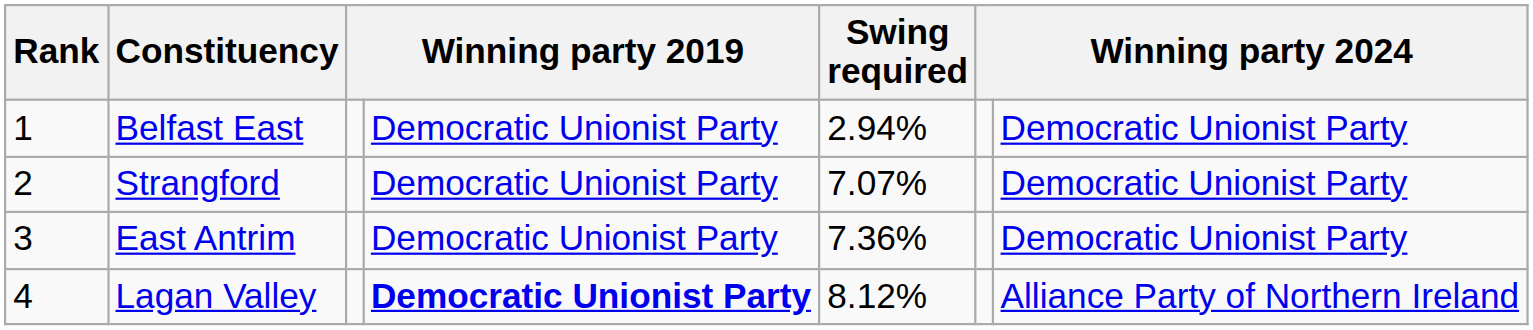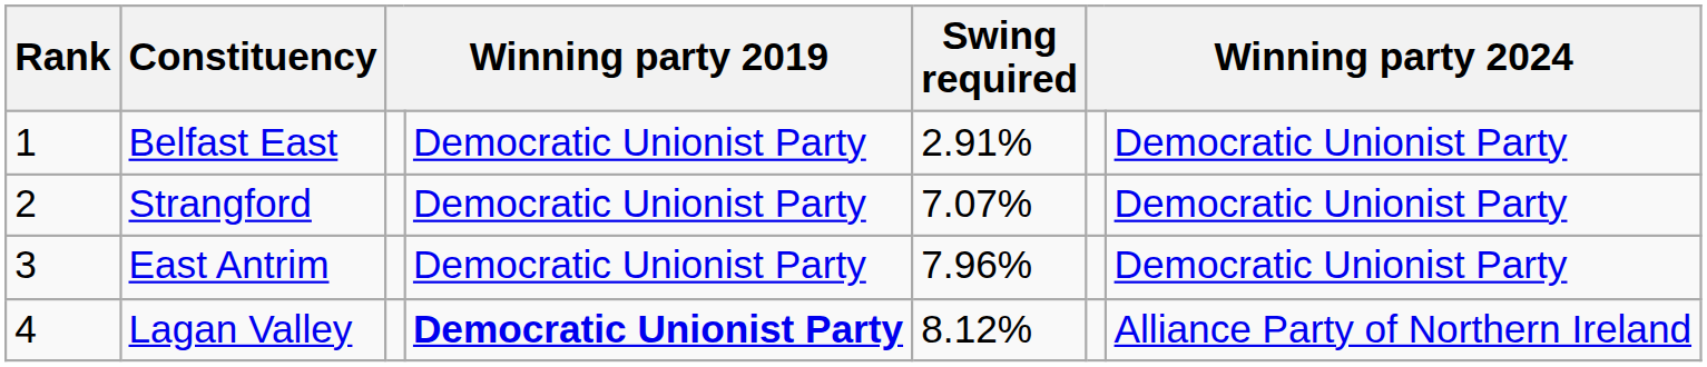 <table class="wikitable sortable">
 <tr>
 <th>Rank</th>
 <th>Constituency</th>
 <th colspan=2>Winning party 2019</th>
 <th>Swing <br>required</th>
 <th colspan=2>Winning party 2024</th>
 </tr>
 <tr>
 <td>1</td>
 <td><a href='#'>Belfast East</a></td>
 <td class="unsortable" style="background-color: "></td>
 <td><a href='#'>Democratic Unionist Party</a></td>
-<td>2.94%</td>
+<td>2.91%</td>
 <td class="unsortable" style="background-color: "></td>
 <td><a href='#'>Democratic Unionist Party</a></td>
 </tr>
 <tr>
 <td>2</td>
 <td><a href='#'>Strangford</a></td>
 <td class="unsortable" style="background-color: "></td>
 <td><a href='#'>Democratic Unionist Party</a></td>
 <td>7.07%</td>
 <td class="unsortable" style="background-color: "></td>
 <td><a href='#'>Democratic Unionist Party</a></td>
 </tr>
 <tr>
 <td>3</td>
 <td><a href='#'>East Antrim</a></td>
 <td class="unsortable" style="background-color: "></td>
 <td><a href='#'>Democratic Unionist Party</a></td>
-<td>7.36%</td>
+<td>7.96%</td>
 <td class="unsortable" style="background-color: "></td>
 <td><a href='#'>Democratic Unionist Party</a></td>
 </tr>
 <tr>
 <td>4</td>
 <td><a href='#'>Lagan Valley</a></td>
 <td class="unsortable" style="background-color: "></td>
 <td><strong><a href='#'>Democratic Unionist Party</a></strong></td>
 <td>8.12%</td>
 <td class="unsortable" style="background-color: "></td>
 <td><a href='#'>Alliance Party of Northern Ireland</a></td>
 </tr>
 </table>
